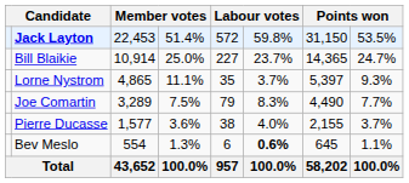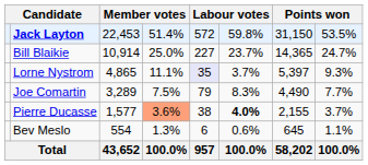 <table class="wikitable">
 <tr>
 <th colspan="2">Candidate</th>
 <th colspan="2">Member votes</th>
 <th colspan="2">Labour votes</th>
 <th colspan="2">Points won</th>
 </tr>
 <tr style="background:#E6F2FF">
 <td></td>
 <td><strong><a href='#'>Jack Layton</a></strong></td>
 <td align="center">22,453</td>
 <td align="center">51.4%</td>
 <td align="center">572</td>
 <td align="center">59.8%</td>
 <td align="center">31,150</td>
 <td align="center">53.5%</td>
 </tr>
 <tr>
 <td></td>
 <td><a href='#'>Bill Blaikie</a></td>
 <td align="center">10,914</td>
 <td align="center">25.0%</td>
 <td align="center">227</td>
 <td align="center">23.7%</td>
 <td align="center">14,365</td>
 <td align="center">24.7%</td>
 </tr>
 <tr>
 <td></td>
 <td><a href='#'>Lorne Nystrom</a></td>
 <td align="center">4,865</td>
 <td align="center">11.1%</td>
-<td align="center">35</td>
+<td align="center" style="background: lavender;">35</td>
 <td align="center">3.7%</td>
 <td align="center">5,397</td>
 <td align="center">9.3%</td>
 </tr>
 <tr>
 <td></td>
 <td><a href='#'>Joe Comartin</a></td>
 <td align="center">3,289</td>
 <td align="center">7.5%</td>
 <td align="center">79</td>
 <td align="center">8.3%</td>
 <td align="center">4,490</td>
 <td align="center">7.7%</td>
 </tr>
 <tr>
 <td></td>
 <td><a href='#'>Pierre Ducasse</a></td>
 <td align="center">1,577</td>
-<td align="center">3.6%</td>
+<td align="center" style="background: lightsalmon;">3.6%</td>
 <td align="center">38</td>
-<td align="center">4.0%</td>
+<td align="center"><strong>4.0%</strong></td>
 <td align="center">2,155</td>
 <td align="center">3.7%</td>
 </tr>
 <tr>
 <td></td>
 <td>Bev Meslo</td>
 <td align="center">554</td>
 <td align="center">1.3%</td>
 <td align="center">6</td>
-<td align="center"><strong>0.6%</strong></td>
+<td align="center">0.6%</td>
 <td align="center">645</td>
 <td align="center">1.1%</td>
 </tr>
 <tr>
 <th colspan="2">Total</th>
 <th align="center">43,652</th>
 <th align="center">100.0%</th>
 <th align="center">957</th>
 <th align="center">100.0%</th>
 <th align="center">58,202</th>
 <th align="center">100.0%</th>
 </tr>
 </table>
